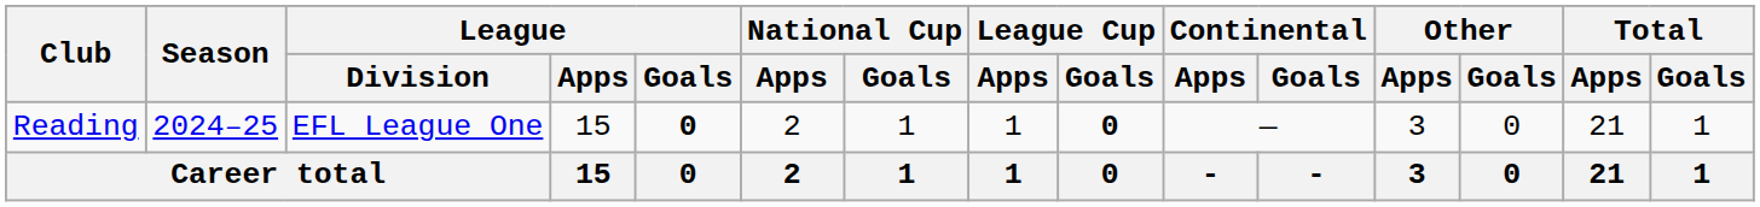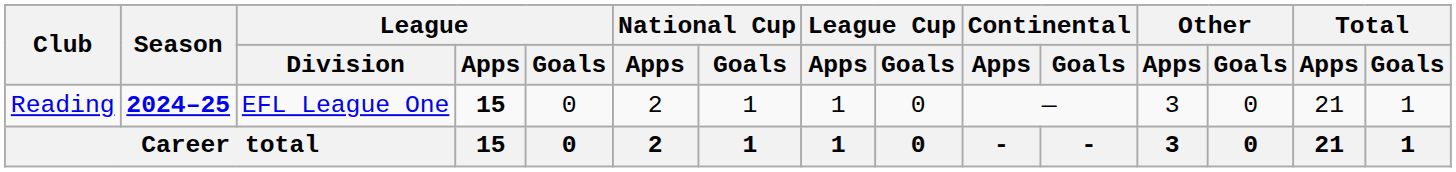 <table class="wikitable" style="text-align:center">
 <tr>
 <th rowspan="2">Club</th>
 <th rowspan="2">Season</th>
 <th colspan="3">League</th>
 <th colspan="2">National Cup</th>
 <th colspan="2">League Cup</th>
 <th colspan="2">Continental</th>
 <th colspan="2">Other</th>
 <th colspan="2">Total</th>
 </tr>
 <tr>
 <th>Division</th>
 <th>Apps</th>
 <th>Goals</th>
 <th>Apps</th>
 <th>Goals</th>
 <th>Apps</th>
 <th>Goals</th>
 <th>Apps</th>
 <th>Goals</th>
 <th>Apps</th>
 <th>Goals</th>
 <th>Apps</th>
 <th>Goals</th>
 </tr>
 <tr>
 <td><a href='#'>Reading</a></td>
-<td><a href='#'>2024–25</a></td>
+<td><strong><a href='#'>2024–25</a></strong></td>
 <td><a href='#'>EFL League One</a></td>
-<td>15</td>
-<td><strong>0</strong></td>
+<td><strong>15</strong></td>
+<td>0</td>
 <td>2</td>
 <td>1</td>
 <td>1</td>
-<td><strong>0</strong></td>
+<td>0</td>
 <td colspan="2">—</td>
 <td>3</td>
 <td>0</td>
 <td>21</td>
 <td>1</td>
 </tr>
 <tr>
 <th colspan="3">Career total</th>
 <th>15</th>
 <th>0</th>
 <th>2</th>
 <th>1</th>
 <th>1</th>
 <th>0</th>
 <th>-</th>
 <th>-</th>
 <th>3</th>
 <th>0</th>
 <th>21</th>
 <th>1</th>
 </tr>
 </table>
